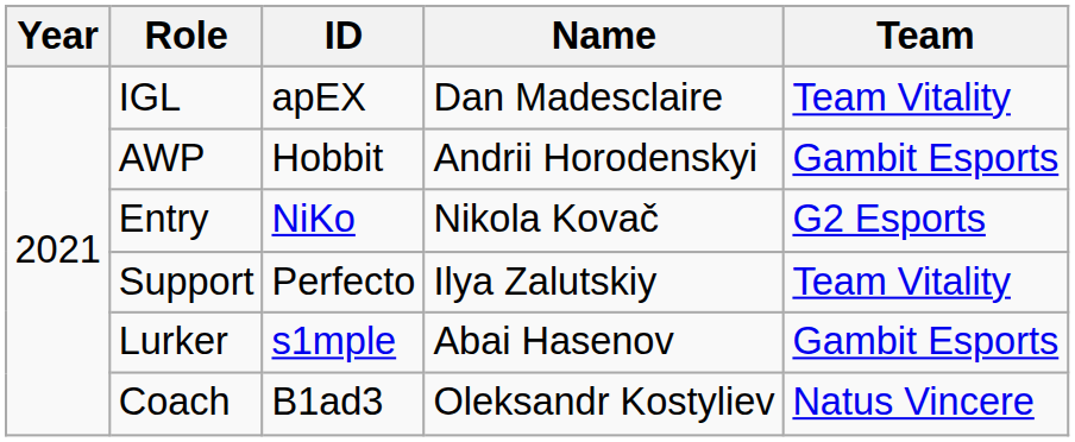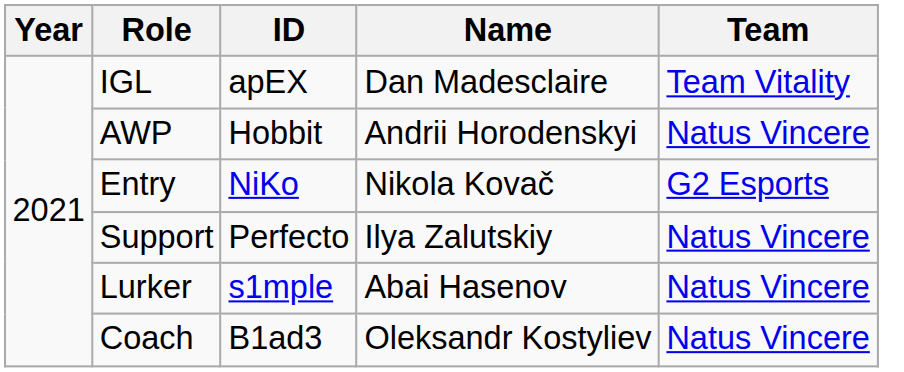 <table class="wikitable">
 <tr>
 <th>Year</th>
 <th>Role</th>
 <th>ID</th>
 <th>Name</th>
 <th>Team</th>
 </tr>
 <tr>
 <td rowspan="6">2021</td>
 <td>IGL</td>
 <td>apEX</td>
 <td>Dan Madesclaire</td>
 <td><a href='#'>Team Vitality</a></td>
 </tr>
 <tr>
 <td>AWP</td>
 <td>Hobbit</td>
 <td>Andrii Horodenskyi</td>
-<td><a href='#'>Gambit Esports</a></td>
+<td><a href='#'>Natus Vincere</a></td>
 </tr>
 <tr>
 <td>Entry</td>
 <td><a href='#'>NiKo</a></td>
 <td>Nikola Kovač</td>
 <td><a href='#'>G2 Esports</a></td>
 </tr>
 <tr>
 <td>Support</td>
 <td>Perfecto</td>
 <td>Ilya Zalutskiy</td>
-<td><a href='#'>Team Vitality</a></td>
+<td><a href='#'>Natus Vincere</a></td>
 </tr>
 <tr>
 <td>Lurker</td>
 <td><a href='#'>s1mple</a></td>
 <td>Abai Hasenov</td>
-<td><a href='#'>Gambit Esports</a></td>
+<td><a href='#'>Natus Vincere</a></td>
 </tr>
 <tr>
 <td>Coach</td>
 <td>B1ad3</td>
 <td>Oleksandr Kostyliev</td>
 <td><a href='#'>Natus Vincere</a></td>
 </tr>
 </table>
